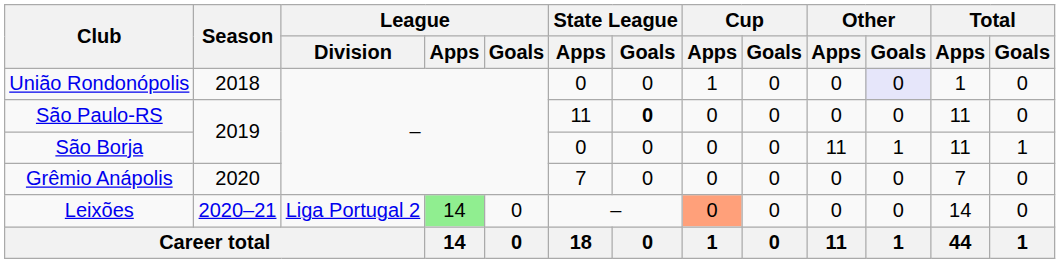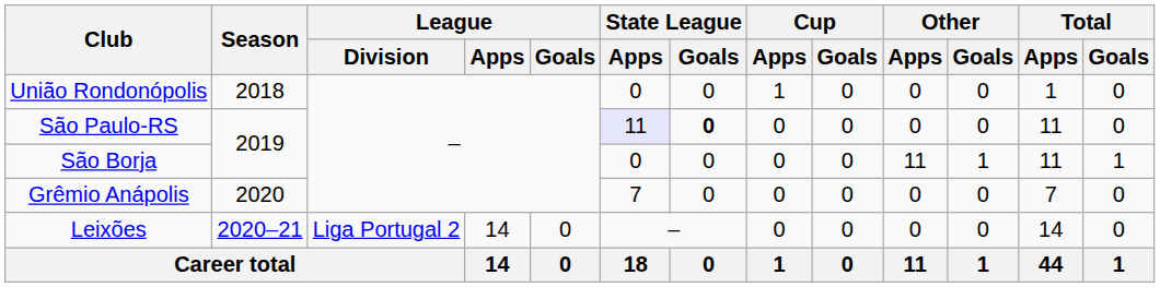 <table class="wikitable" style="text-align: center">
 <tr>
 <th rowspan="2">Club</th>
 <th rowspan="2">Season</th>
 <th colspan="3">League</th>
 <th colspan="2">State League</th>
 <th colspan="2">Cup</th>
 <th colspan="2">Other</th>
 <th colspan="2">Total</th>
 </tr>
 <tr>
 <th>Division</th>
 <th>Apps</th>
 <th>Goals</th>
 <th>Apps</th>
 <th>Goals</th>
 <th>Apps</th>
 <th>Goals</th>
 <th>Apps</th>
 <th>Goals</th>
 <th>Apps</th>
 <th>Goals</th>
 </tr>
 <tr>
 <td><a href='#'>União Rondonópolis</a></td>
 <td>2018</td>
 <td rowspan="4" colspan="3">–</td>
 <td>0</td>
 <td>0</td>
 <td>1</td>
 <td>0</td>
 <td>0</td>
-<td style="background: lavender;">0</td>
+<td>0</td>
 <td>1</td>
 <td>0</td>
 </tr>
 <tr>
 <td><a href='#'>São Paulo-RS</a></td>
 <td rowspan="2">2019</td>
-<td>11</td>
+<td style="background: lavender;">11</td>
 <td><strong>0</strong></td>
 <td>0</td>
 <td>0</td>
 <td>0</td>
 <td>0</td>
 <td>11</td>
 <td>0</td>
 </tr>
 <tr>
 <td><a href='#'>São Borja</a></td>
 <td>0</td>
 <td>0</td>
 <td>0</td>
 <td>0</td>
 <td>11</td>
 <td>1</td>
 <td>11</td>
 <td>1</td>
 </tr>
 <tr>
 <td><a href='#'>Grêmio Anápolis</a></td>
 <td>2020</td>
 <td>7</td>
 <td>0</td>
 <td>0</td>
 <td>0</td>
 <td>0</td>
 <td>0</td>
 <td>7</td>
 <td>0</td>
 </tr>
 <tr>
 <td><a href='#'>Leixões</a></td>
 <td><a href='#'>2020–21</a></td>
 <td><a href='#'>Liga Portugal 2</a></td>
-<td style="background: lightgreen;">14</td>
+<td>14</td>
 <td>0</td>
 <td colspan="2">–</td>
-<td style="background: lightsalmon;">0</td>
+<td>0</td>
 <td>0</td>
 <td>0</td>
 <td>0</td>
 <td>14</td>
 <td>0</td>
 </tr>
 <tr>
 <th colspan="3"><strong>Career total</strong></th>
 <th>14</th>
 <th>0</th>
 <th>18</th>
 <th>0</th>
 <th>1</th>
 <th>0</th>
 <th>11</th>
 <th>1</th>
 <th>44</th>
 <th>1</th>
 </tr>
 </table>
